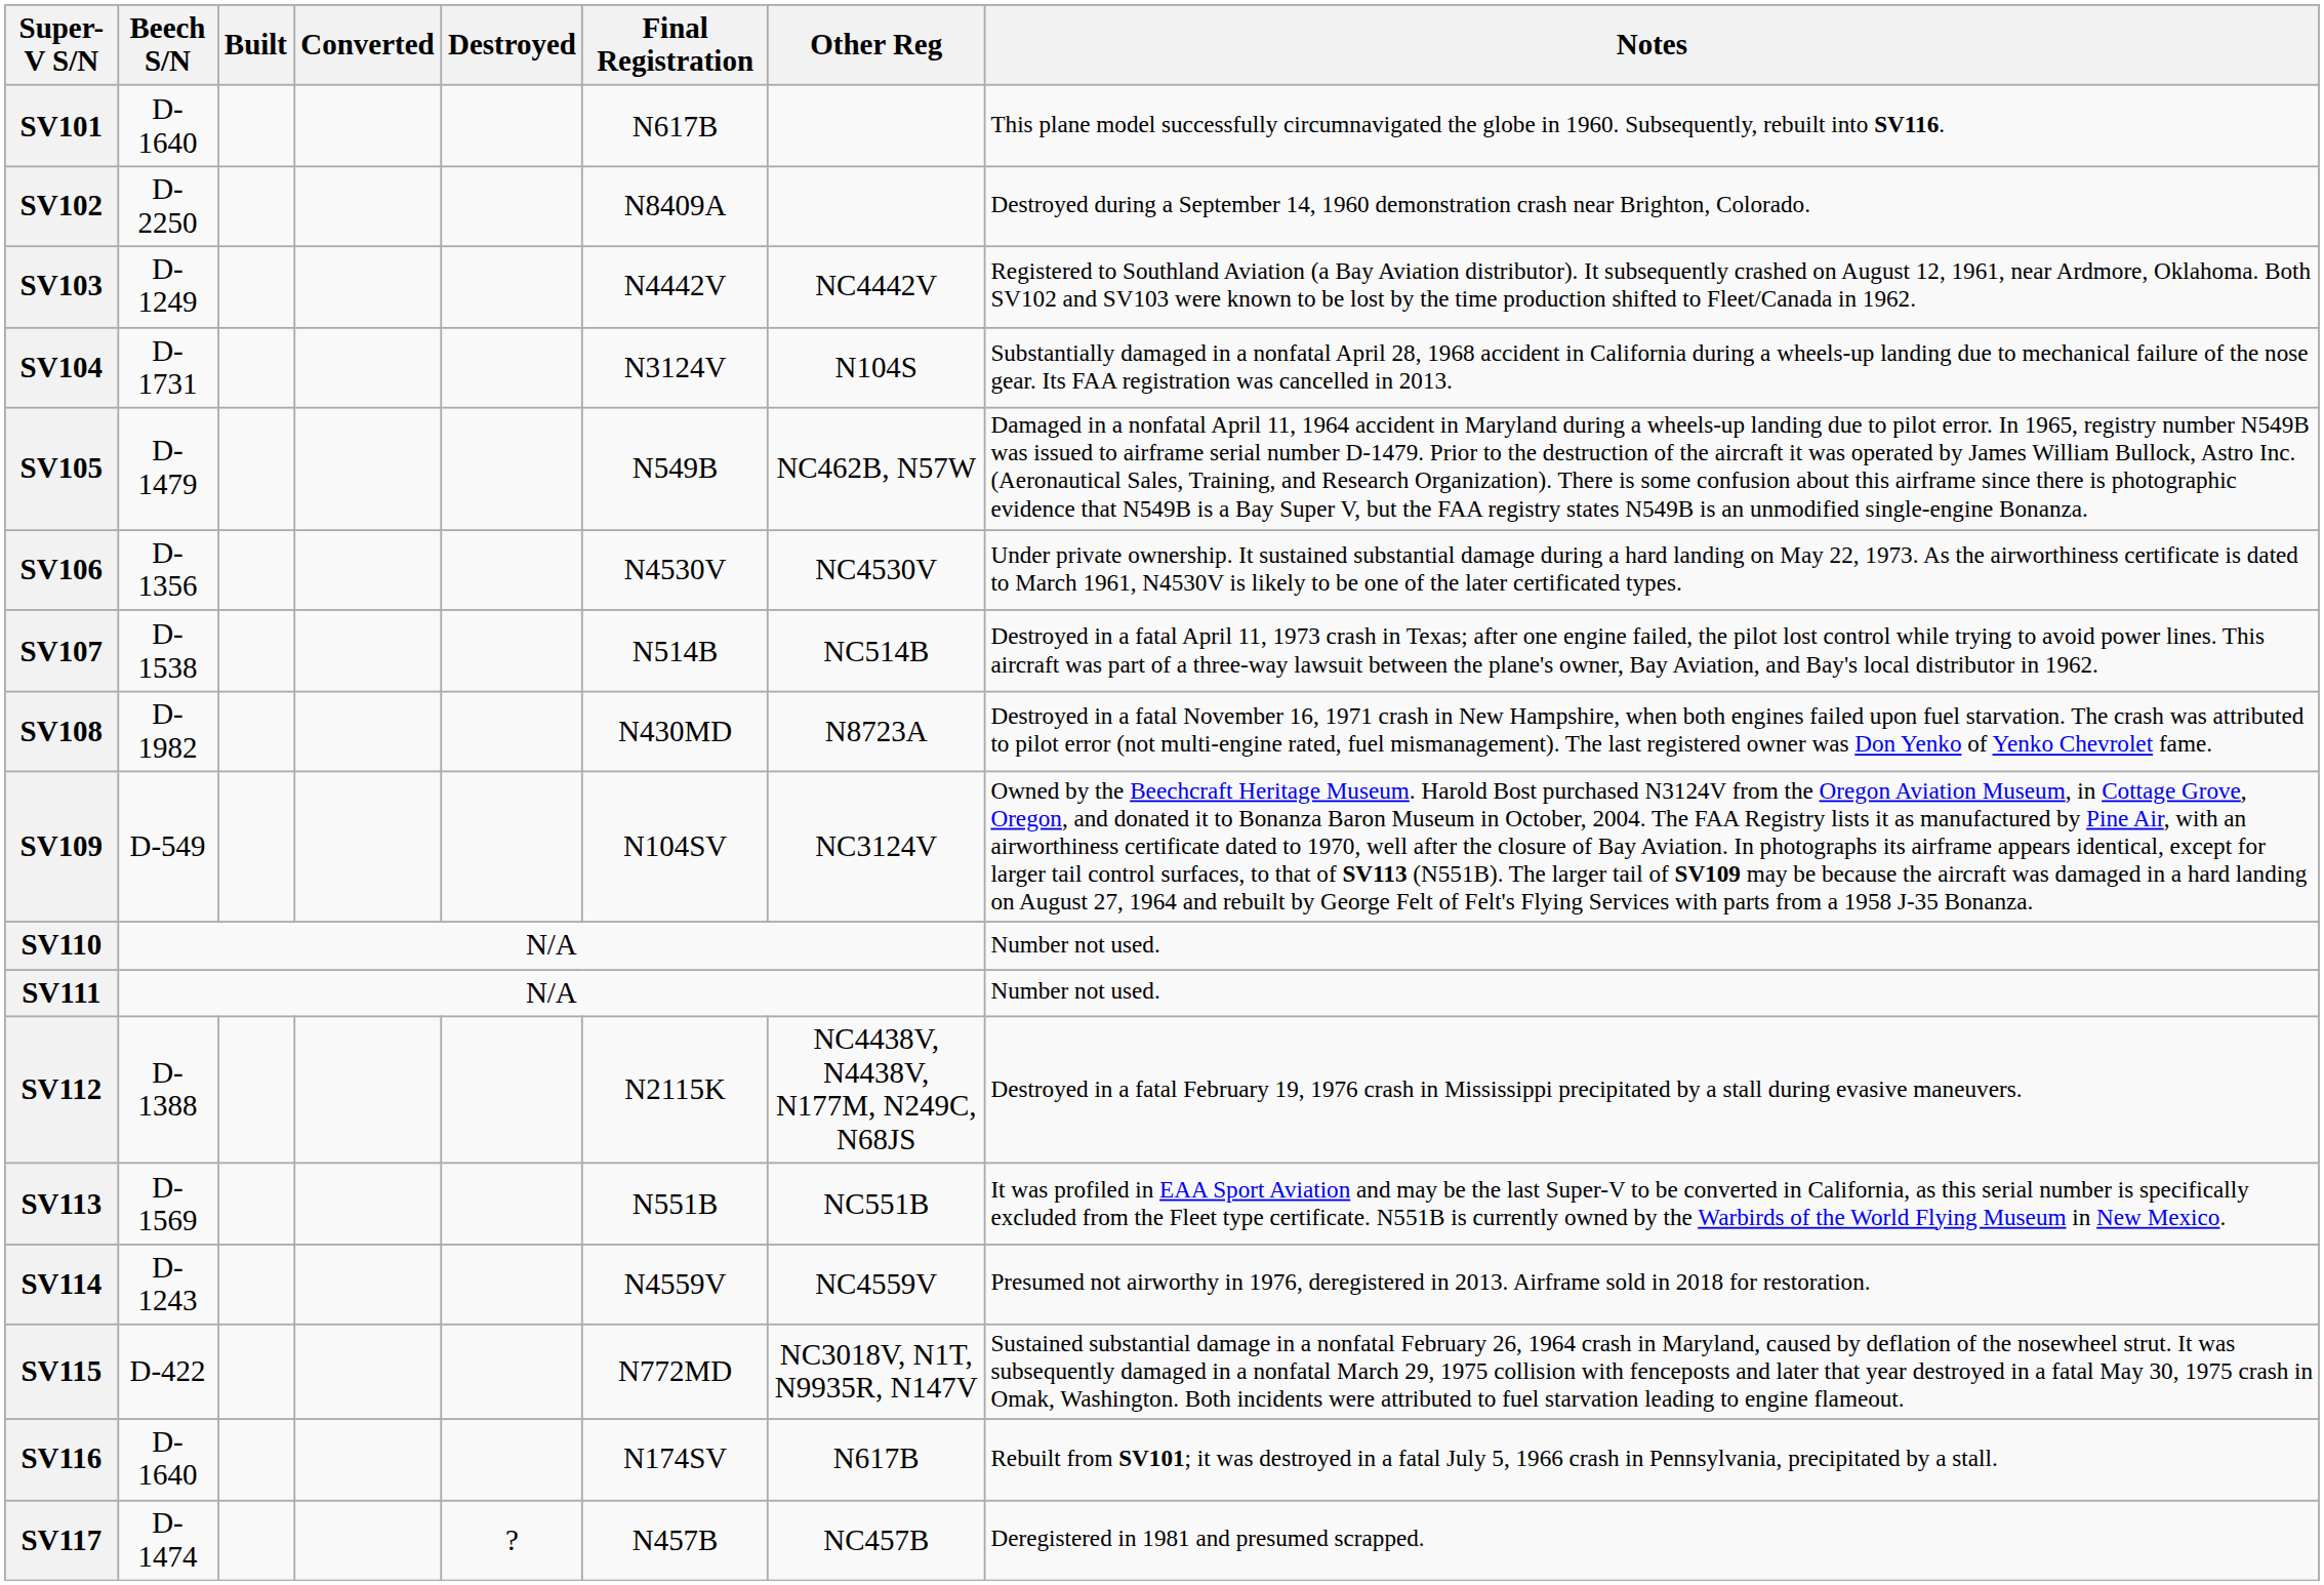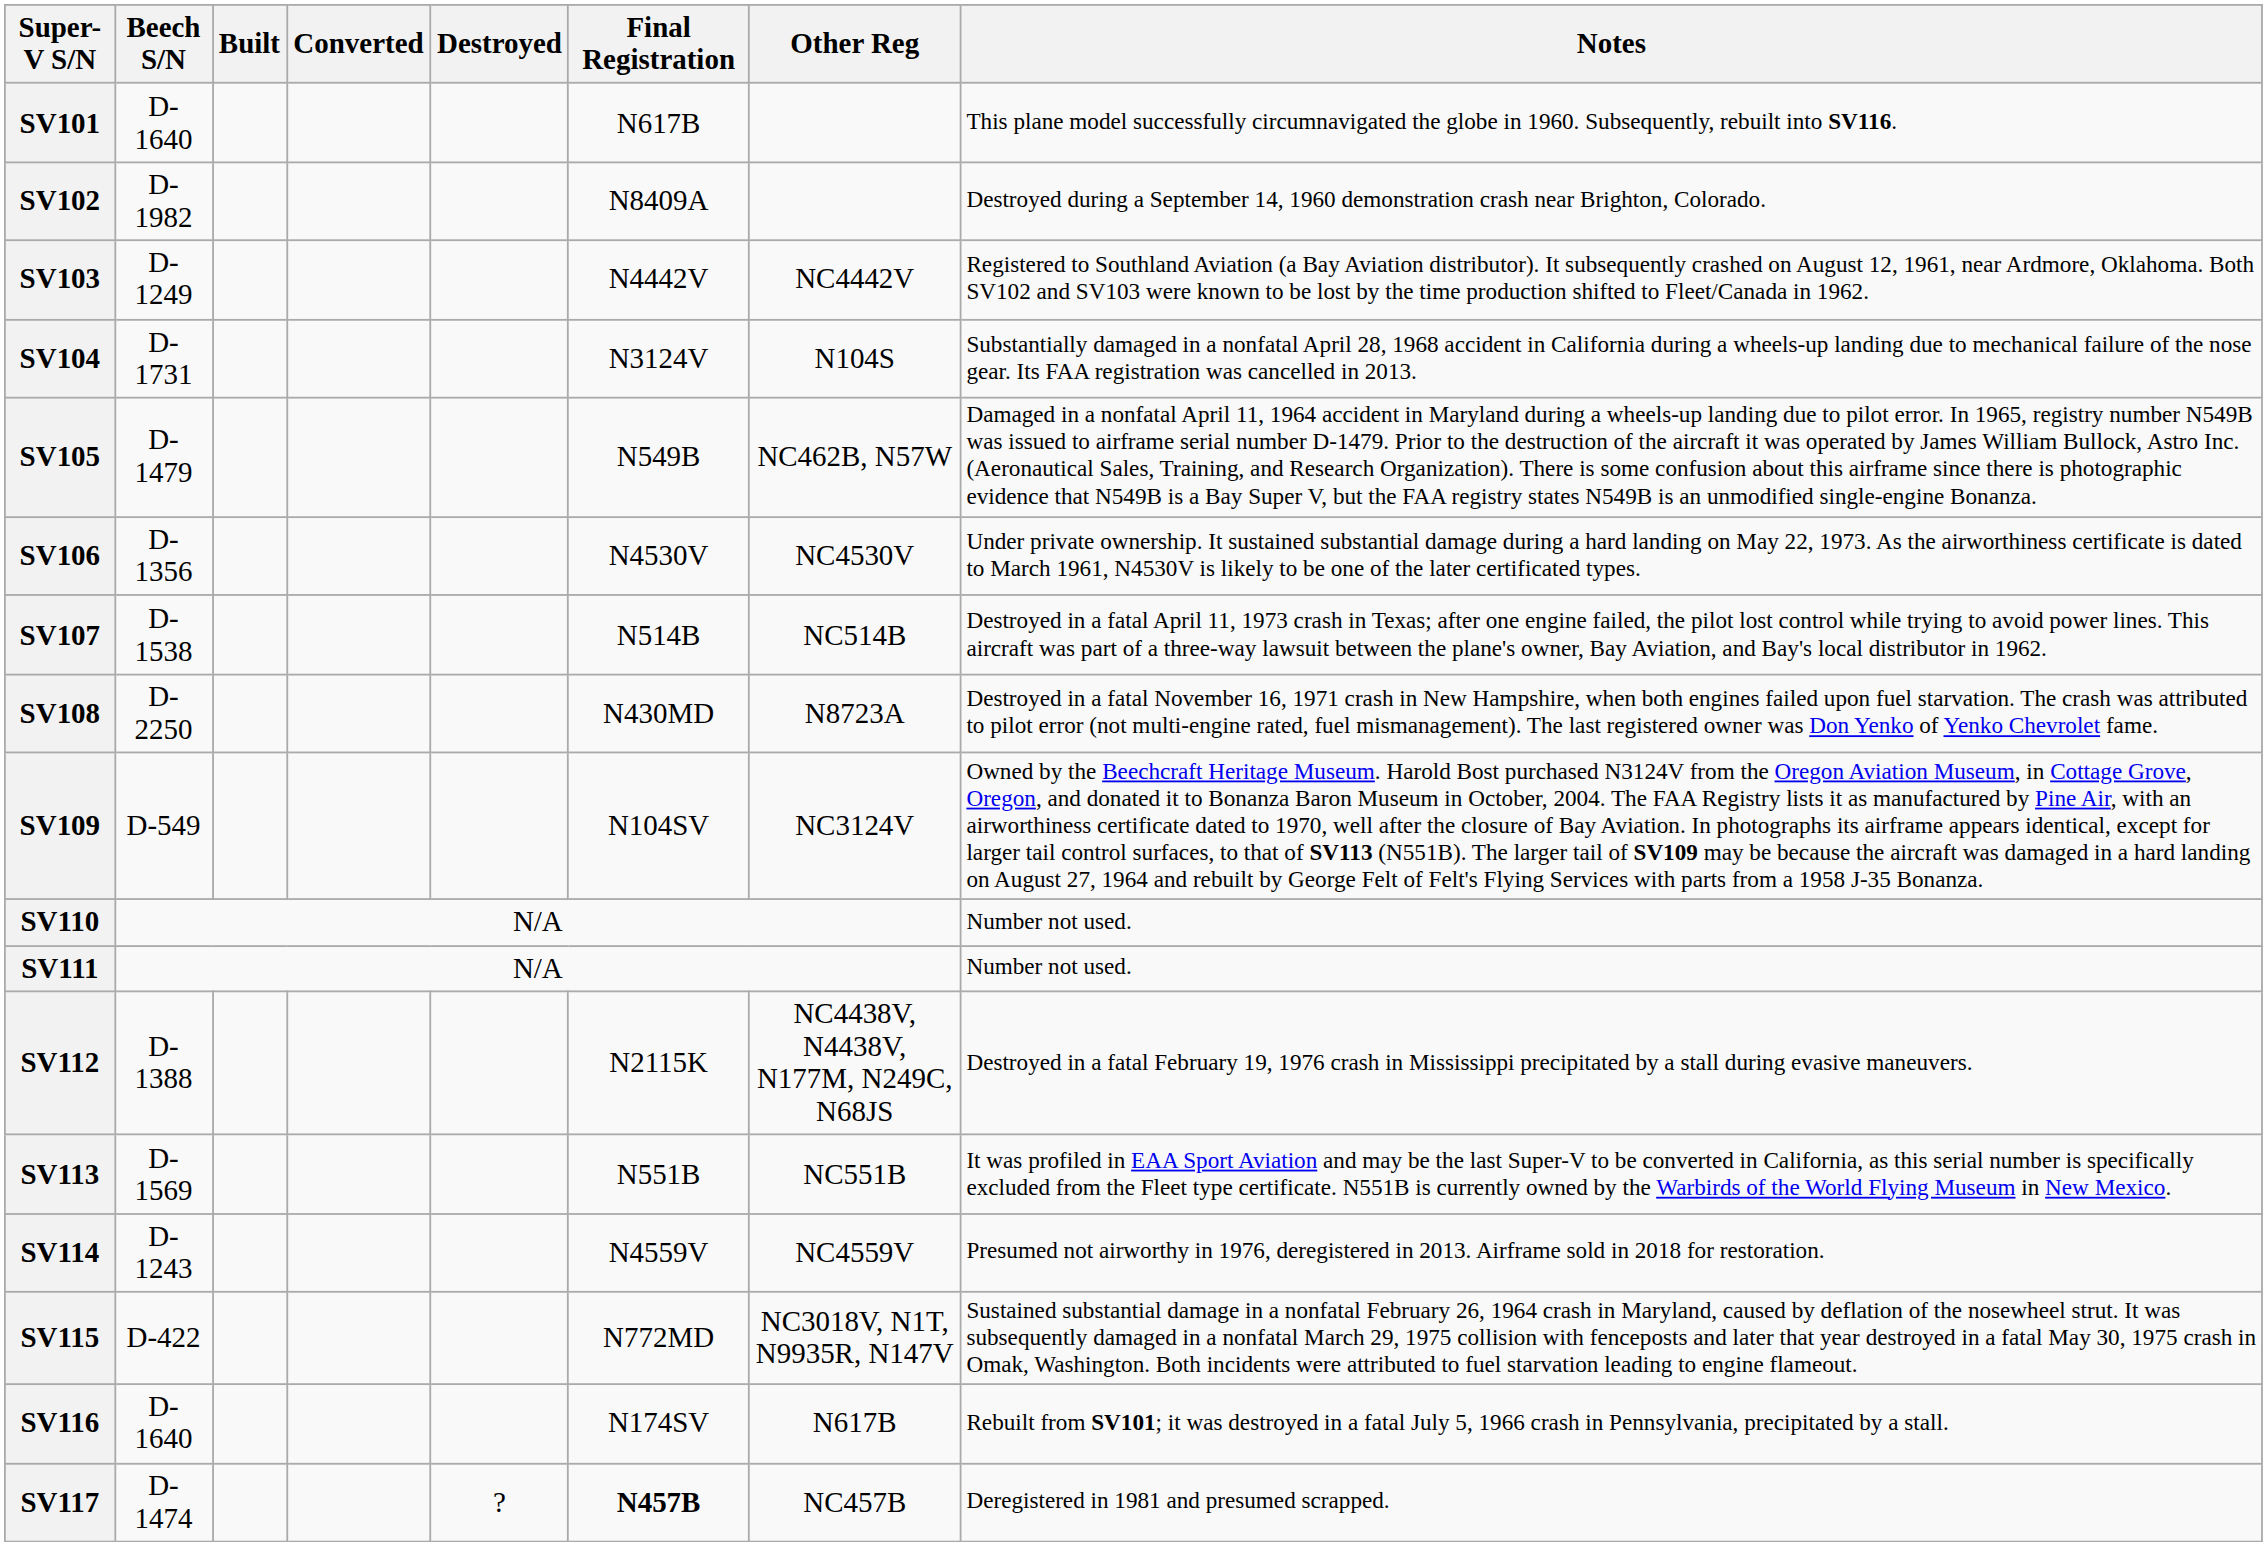 <table class="wikitable sortable" style="text-align:center;">
 <tr>
 <th scope="col" class="text">Super-V S/N</th>
 <th scope="col" class="number">Beech S/N</th>
 <th scope="col" class="date">Built</th>
 <th scope="col" class="date">Converted</th>
 <th scope="col" class="date">Destroyed</th>
 <th scope="col" class="text">Final Registration</th>
 <th scope="col" class="text">Other Reg</th>
 <th scope="col" class="unsortable">Notes</th>
 </tr>
 <tr>
 <th>SV101</th>
 <td data-sort-value=1640>D-1640</td>
 <td></td>
 <td></td>
 <td></td>
 <td>N617B</td>
 <td></td>
 <td style="text-align:left;font-size: 80%;">This plane model successfully circumnavigated the globe in 1960. Subsequently, rebuilt into <strong>SV116</strong>.</td>
 </tr>
 <tr>
 <th>SV102</th>
-<td data-sort-value=2250>D-2250</td>
+<td data-sort-value=1982>D-1982</td>
 <td></td>
 <td></td>
 <td></td>
 <td>N8409A</td>
 <td></td>
 <td style="text-align:left;font-size: 80%;">Destroyed during a September 14, 1960 demonstration crash near Brighton, Colorado.</td>
 </tr>
 <tr>
 <th>SV103</th>
 <td data-sort-value=1249>D-1249</td>
 <td></td>
 <td></td>
 <td></td>
 <td>N4442V</td>
 <td>NC4442V</td>
 <td style="text-align:left;font-size: 80%;">Registered to Southland Aviation (a Bay Aviation distributor). It subsequently crashed on August 12, 1961, near Ardmore, Oklahoma. Both SV102 and SV103 were known to be lost by the time production shifted to Fleet/Canada in 1962.</td>
 </tr>
 <tr>
 <th>SV104</th>
 <td data-sort-value=1731>D-1731</td>
 <td></td>
 <td></td>
 <td></td>
 <td>N3124V</td>
 <td>N104S</td>
 <td style="text-align:left;font-size: 80%;">Substantially damaged in a nonfatal April 28, 1968 accident in California during a wheels-up landing due to mechanical failure of the nose gear. Its FAA registration was cancelled in 2013.</td>
 </tr>
 <tr>
 <th>SV105</th>
 <td data-sort-value=1479>D-1479</td>
 <td></td>
 <td></td>
 <td></td>
 <td>N549B</td>
 <td>NC462B, N57W</td>
 <td style="text-align:left;font-size: 80%;">Damaged in a nonfatal April 11, 1964 accident in Maryland during a wheels-up landing due to pilot error. In 1965, registry number N549B was issued to airframe serial number D-1479. Prior to the destruction of the aircraft it was operated by James William Bullock, Astro Inc. (Aeronautical Sales, Training, and Research Organization). There is some confusion about this airframe since there is photographic evidence that N549B is a Bay Super V, but the FAA registry states N549B is an unmodified single-engine Bonanza.</td>
 </tr>
 <tr>
 <th>SV106</th>
 <td data-sort-value=1356>D-1356</td>
 <td></td>
 <td></td>
 <td></td>
 <td>N4530V</td>
 <td>NC4530V</td>
 <td style="text-align:left;font-size: 80%;">Under private ownership. It sustained substantial damage during a hard landing on May 22, 1973. As the airworthiness certificate is dated to March 1961, N4530V is likely to be one of the later certificated types.</td>
 </tr>
 <tr>
 <th>SV107</th>
 <td data-sort-value=1538>D-1538</td>
 <td></td>
 <td></td>
 <td></td>
 <td>N514B</td>
 <td>NC514B</td>
 <td style="text-align:left;font-size: 80%;">Destroyed in a fatal April 11, 1973 crash in Texas; after one engine failed, the pilot lost control while trying to avoid power lines. This aircraft was part of a three-way lawsuit between the plane's owner, Bay Aviation, and Bay's local distributor in 1962.</td>
 </tr>
 <tr>
 <th>SV108</th>
-<td data-sort-value=1982>D-1982</td>
+<td data-sort-value=2250>D-2250</td>
 <td></td>
 <td></td>
 <td></td>
 <td>N430MD</td>
 <td>N8723A</td>
 <td style="text-align:left;font-size: 80%;">Destroyed in a fatal November 16, 1971 crash in New Hampshire, when both engines failed upon fuel starvation. The crash was attributed to pilot error (not multi-engine rated, fuel mismanagement). The last registered owner was <a href='#'>Don Yenko</a> of <a href='#'>Yenko Chevrolet</a> fame.</td>
 </tr>
 <tr>
 <th>SV109</th>
 <td data-sort-value=549>D-549</td>
 <td></td>
 <td></td>
 <td></td>
 <td>N104SV</td>
 <td>NC3124V</td>
 <td style="text-align:left;font-size: 80%;">Owned by the <a href='#'>Beechcraft Heritage Museum</a>. Harold Bost purchased N3124V from the <a href='#'>Oregon Aviation Museum</a>, in <a href='#'>Cottage Grove</a>, <a href='#'>Oregon</a>, and donated it to Bonanza Baron Museum in October, 2004. The FAA Registry lists it as manufactured by <a href='#'>Pine Air</a>, with an airworthiness certificate dated to 1970, well after the closure of Bay Aviation. In photographs its airframe appears identical, except for larger tail control surfaces, to that of <strong>SV113</strong> (N551B). The larger tail of <strong>SV109</strong> may be because the aircraft was damaged in a hard landing on August 27, 1964 and rebuilt by George Felt of Felt's Flying Services with parts from a 1958 J-35 Bonanza.</td>
 </tr>
 <tr>
 <th>SV110</th>
 <td colspan=6>N/A</td>
 <td style="text-align:left;font-size: 80%;">Number not used.</td>
 </tr>
 <tr>
 <th>SV111</th>
 <td colspan=6>N/A</td>
 <td style="text-align:left;font-size: 80%;">Number not used.</td>
 </tr>
 <tr>
 <th>SV112</th>
 <td data-sort-value=1388>D-1388</td>
 <td></td>
 <td></td>
 <td></td>
 <td>N2115K</td>
 <td>NC4438V, N4438V, N177M, N249C, N68JS</td>
 <td style="text-align:left;font-size: 80%;">Destroyed in a fatal February 19, 1976 crash in Mississippi precipitated by a stall during evasive maneuvers.</td>
 </tr>
 <tr>
 <th>SV113</th>
 <td data-sort-value=1569>D-1569</td>
 <td></td>
 <td></td>
 <td></td>
 <td>N551B</td>
 <td>NC551B</td>
 <td style="text-align:left;font-size: 80%;">It was profiled in <a href='#'>EAA Sport Aviation</a> and may be the last Super-V to be converted in California, as this serial number is specifically excluded from the Fleet type certificate. N551B is currently owned by the <a href='#'>Warbirds of the World Flying Museum</a> in <a href='#'>New Mexico</a>.</td>
 </tr>
 <tr>
 <th>SV114</th>
 <td data-sort-value=1243>D-1243</td>
 <td></td>
 <td></td>
 <td></td>
 <td>N4559V</td>
 <td>NC4559V</td>
 <td style="text-align:left;font-size: 80%;">Presumed not airworthy in 1976, deregistered in 2013. Airframe sold in 2018 for restoration.</td>
 </tr>
 <tr>
 <th>SV115</th>
 <td data-sort-value=422>D-422</td>
 <td></td>
 <td></td>
 <td></td>
 <td>N772MD</td>
 <td>NC3018V, N1T, N9935R, N147V</td>
 <td style="text-align:left;font-size: 80%;">Sustained substantial damage in a nonfatal February 26, 1964 crash in Maryland, caused by deflation of the nosewheel strut. It was subsequently damaged in a nonfatal March 29, 1975 collision with fenceposts and later that year destroyed in a fatal May 30, 1975 crash in Omak, Washington. Both incidents were attributed to fuel starvation leading to engine flameout.</td>
 </tr>
 <tr>
 <th>SV116</th>
 <td data-sort-value=1640>D-1640</td>
 <td></td>
 <td></td>
 <td></td>
 <td>N174SV</td>
 <td>N617B</td>
 <td style="text-align:left;font-size: 80%;">Rebuilt from <strong>SV101</strong>; it was destroyed in a fatal July 5, 1966 crash in Pennsylvania, precipitated by a stall.</td>
 </tr>
 <tr>
 <th>SV117</th>
 <td data-sort-value=1474>D-1474</td>
 <td></td>
 <td></td>
 <td>?</td>
-<td>N457B</td>
+<td><strong>N457B</strong></td>
 <td>NC457B</td>
 <td style="text-align:left;font-size: 80%;">Deregistered in 1981 and presumed scrapped.</td>
 </tr>
 </table>
